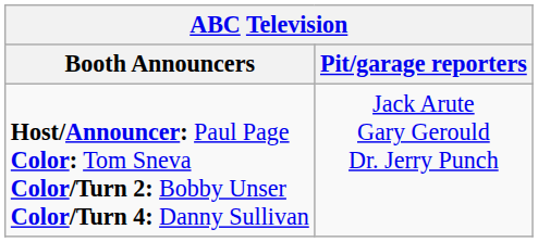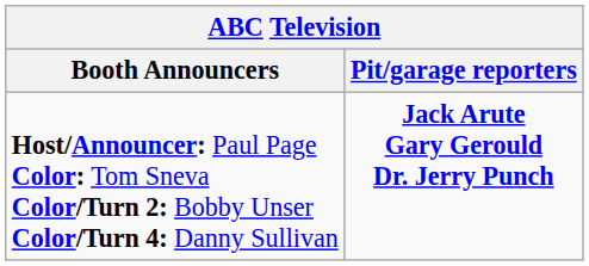 <table class="wikitable" style="font-size: 95%;">
 <tr>
 <th colspan=2><a href='#'>ABC</a> <a href='#'>Television</a></th>
 </tr>
 <tr>
 <th>Booth Announcers</th>
 <th><a href='#'>Pit/garage reporters</a></th>
 </tr>
 <tr>
 <td valign="top"><br><strong>Host/<a href='#'>Announcer</a>:</strong> <a href='#'>Paul Page</a><br> <strong><a href='#'>Color</a>:</strong> <a href='#'>Tom Sneva</a><br> <strong><a href='#'>Color</a>/Turn 2:</strong> <a href='#'>Bobby Unser</a><br> <strong><a href='#'>Color</a>/Turn 4:</strong> <a href='#'>Danny Sullivan</a><br></td>
-<td align="center" valign="top"><a href='#'>Jack Arute</a><br><a href='#'>Gary Gerould</a><br><a href='#'>Dr. Jerry Punch</a></td>
+<td align="center" valign="top"><strong><a href='#'>Jack Arute</a><br><a href='#'>Gary Gerould</a><br><a href='#'>Dr. Jerry Punch</a></strong></td>
 </tr>
 </table>
